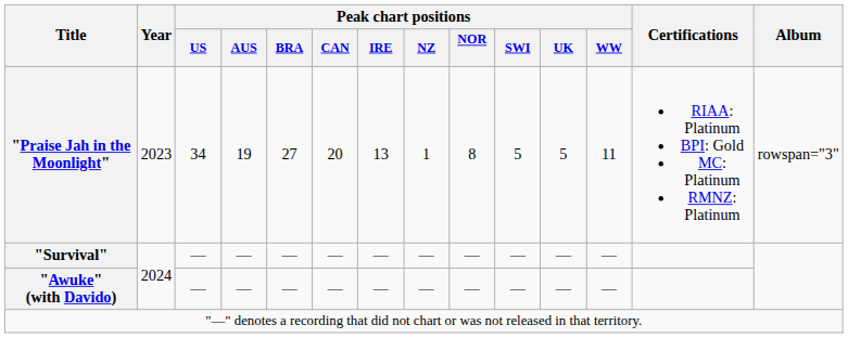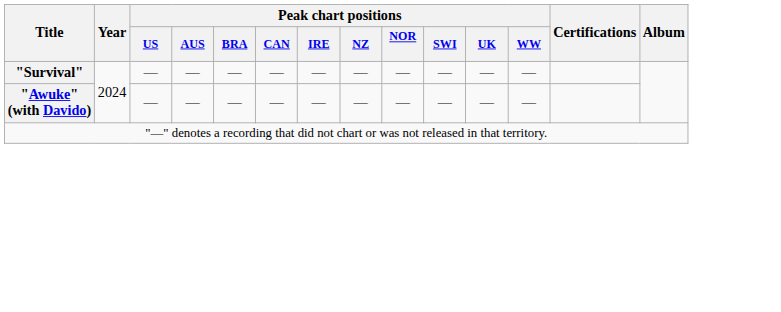 <table class="wikitable plainrowheaders" style="text-align:center;">
 <tr>
 <th scope="col" rowspan="2">Title</th>
 <th scope="col" rowspan="2">Year</th>
 <th scope="col" colspan="10">Peak chart positions</th>
 <th rowspan="2"><strong>Certifications</strong></th>
 <th rowspan="2" scope="col">Album</th>
 </tr>
 <tr>
 <th scope="col" style="width:3em;font-size:85%;"><a href='#'>US</a><br></th>
 <th scope="col" style="width:3em;font-size:85%;"><a href='#'>AUS</a><br></th>
 <th scope="col" style="width:3em;font-size:85%;"><a href='#'>BRA</a><br></th>
 <th scope="col" style="width:3em;font-size:85%;"><a href='#'>CAN</a><br></th>
 <th scope="col" style="width:3em;font-size:85%;"><a href='#'>IRE</a><br></th>
 <th scope="col" style="width:3em;font-size:85%;"><a href='#'>NZ</a><br></th>
 <th scope="col" style="width:3em;font-size:85%;"><a href='#'>NOR</a><br><br></th>
 <th scope="col" style="width:3em;font-size:85%;"><a href='#'>SWI</a><br></th>
 <th scope="col" style="width:3em;font-size:85%;"><a href='#'>UK</a><br></th>
 <th scope="col" style="width:3em;font-size:85%;"><a href='#'>WW</a><br></th>
-</tr>
-<tr>
-<th scope="row">"<a href='#'>Praise Jah in the Moonlight</a>"</th>
-<td>2023</td>
-<td>34</td>
-<td>19</td>
-<td>27</td>
-<td>20</td>
-<td>13</td>
-<td>1</td>
-<td>8</td>
-<td>5</td>
-<td>5</td>
-<td>11</td>
-<td><br><ul><li><a href='#'>RIAA</a>: Platinum</li><li><a href='#'>BPI</a>: Gold</li><li><a href='#'>MC</a>: Platinum</li><li><a href='#'>RMNZ</a>: Platinum</li></ul></td>
-<td>rowspan="3" </td>
 </tr>
 <tr>
 <th scope="row">"Survival"</th>
 <td rowspan="2">2024</td>
 <td>—</td>
 <td>—</td>
 <td>—</td>
 <td>—</td>
 <td>—</td>
 <td>—</td>
 <td>—</td>
 <td>—</td>
 <td>—</td>
 <td>—</td>
 <td></td>
 </tr>
 <tr>
 <th scope="row">"<a href='#'>Awuke</a>"<br><span>(with <a href='#'>Davido</a>)</span></th>
 <td>—</td>
 <td>—</td>
 <td>—</td>
 <td>—</td>
 <td>—</td>
 <td>—</td>
 <td>—</td>
 <td>—</td>
 <td>—</td>
 <td>—</td>
 <td></td>
 </tr>
 <tr>
 <td colspan="14" style="font-size:90%">"—" denotes a recording that did not chart or was not released in that territory.</td>
 </tr>
 </table>
